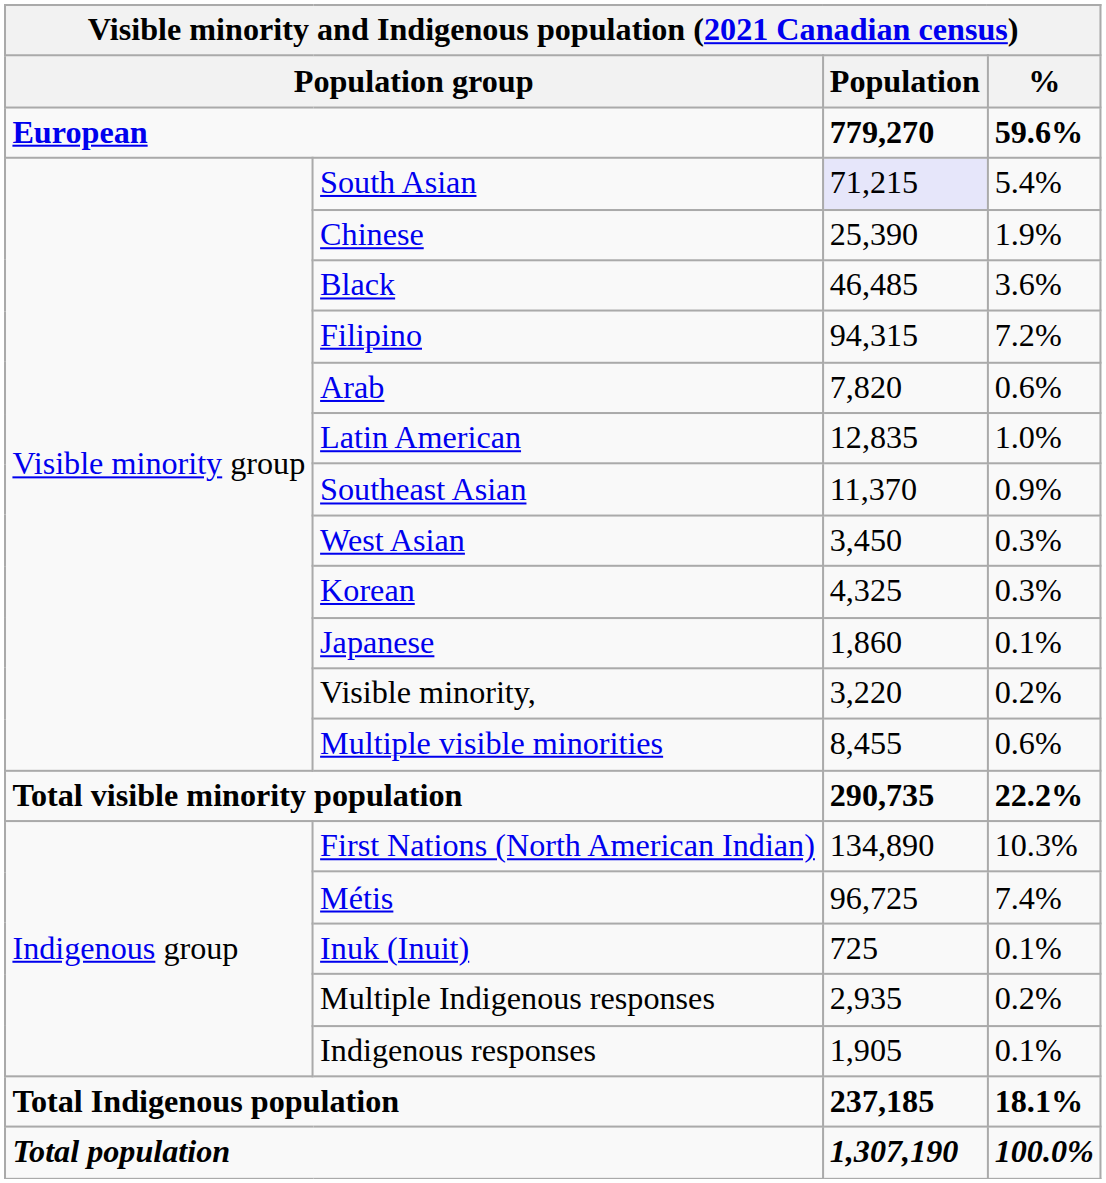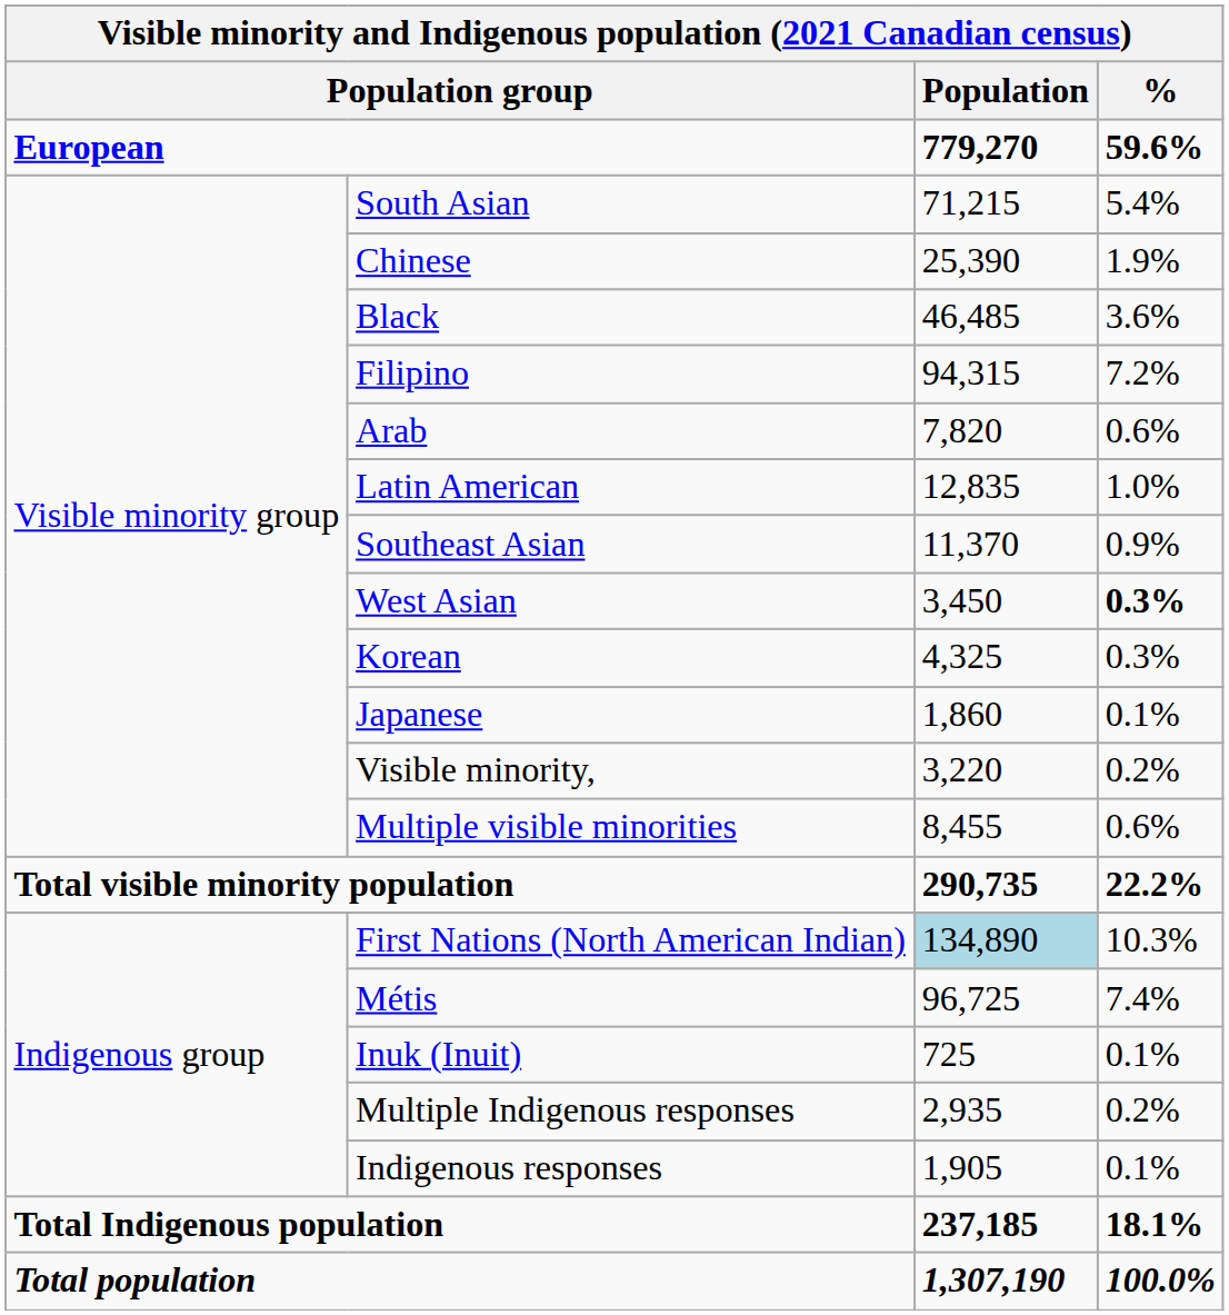 <table class="wikitable">
 <tr>
 <th colspan=4>Visible minority and Indigenous population (<a href='#'>2021 Canadian census</a>)</th>
 </tr>
 <tr>
 <th colspan="2">Population group</th>
 <th>Population</th>
 <th>%</th>
 </tr>
 <tr>
 <td colspan="2"><strong><a href='#'>European</a></strong></td>
 <td><strong>779,270</strong></td>
 <td><strong>59.6%</strong></td>
 </tr>
 <tr>
 <td rowspan="12"><a href='#'>Visible minority</a> group<br></td>
 <td><a href='#'>South Asian</a></td>
-<td style="background: lavender;">71,215</td>
+<td>71,215</td>
 <td>5.4%</td>
 </tr>
 <tr>
 <td><a href='#'>Chinese</a></td>
 <td>25,390</td>
 <td>1.9%</td>
 </tr>
 <tr>
 <td><a href='#'>Black</a></td>
 <td>46,485</td>
 <td>3.6%</td>
 </tr>
 <tr>
 <td><a href='#'>Filipino</a></td>
 <td>94,315</td>
 <td>7.2%</td>
 </tr>
 <tr>
 <td><a href='#'>Arab</a></td>
 <td>7,820</td>
 <td>0.6%</td>
 </tr>
 <tr>
 <td><a href='#'>Latin American</a></td>
 <td>12,835</td>
 <td>1.0%</td>
 </tr>
 <tr>
 <td><a href='#'>Southeast Asian</a></td>
 <td>11,370</td>
 <td>0.9%</td>
 </tr>
 <tr>
 <td><a href='#'>West Asian</a></td>
 <td>3,450</td>
-<td>0.3%</td>
+<td><strong>0.3%</strong></td>
 </tr>
 <tr>
 <td><a href='#'>Korean</a></td>
 <td>4,325</td>
 <td>0.3%</td>
 </tr>
 <tr>
 <td><a href='#'>Japanese</a></td>
 <td>1,860</td>
 <td>0.1%</td>
 </tr>
 <tr>
 <td>Visible minority, </td>
 <td>3,220</td>
 <td>0.2%</td>
 </tr>
 <tr>
 <td><a href='#'>Multiple visible minorities</a></td>
 <td>8,455</td>
 <td>0.6%</td>
 </tr>
 <tr>
 <td colspan="2"><strong>Total visible minority population</strong></td>
 <td><strong>290,735</strong></td>
 <td><strong>22.2%</strong></td>
 </tr>
 <tr>
 <td rowspan="5"><a href='#'>Indigenous</a> group<br></td>
 <td><a href='#'>First Nations (North American Indian)</a></td>
-<td>134,890</td>
+<td style="background: lightblue;">134,890</td>
 <td>10.3%</td>
 </tr>
 <tr>
 <td><a href='#'>Métis</a></td>
 <td>96,725</td>
 <td>7.4%</td>
 </tr>
 <tr>
 <td><a href='#'>Inuk (Inuit)</a></td>
 <td>725</td>
 <td>0.1%</td>
 </tr>
 <tr>
 <td>Multiple Indigenous responses</td>
 <td>2,935</td>
 <td>0.2%</td>
 </tr>
 <tr>
 <td>Indigenous responses </td>
 <td>1,905</td>
 <td>0.1%</td>
 </tr>
 <tr>
 <td colspan="2"><strong>Total Indigenous population</strong></td>
 <td><strong>237,185</strong></td>
 <td><strong>18.1%</strong></td>
 </tr>
 <tr>
 <td colspan="2"><strong><em>Total population</em></strong></td>
 <td><strong><em>1,307,190</em></strong></td>
 <td><strong><em>100.0%</em></strong></td>
 </tr>
 </table>
